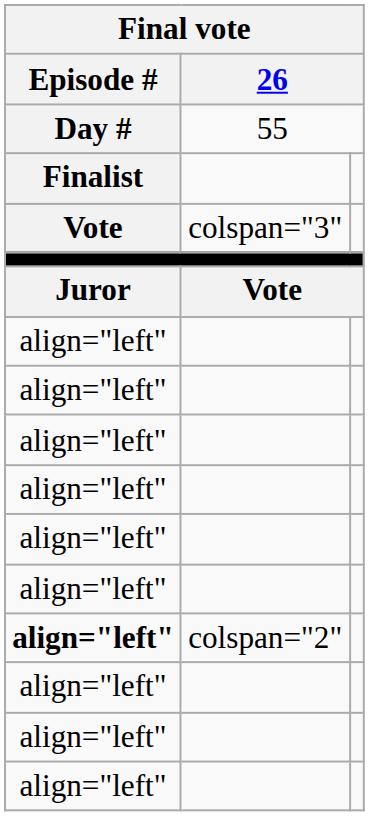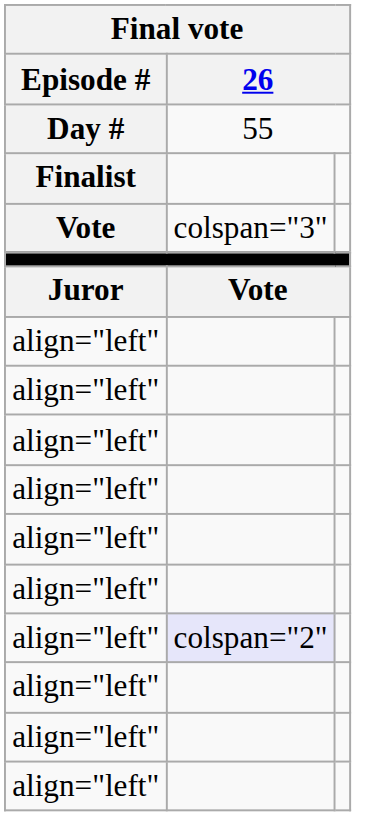 <table class="wikitable nowrap" style="text-align:center; font-size:100%">
 <tr>
 <th colspan="4">Final vote</th>
 </tr>
 <tr>
 <th>Episode #</th>
 <th colspan="2"><a href='#'>26</a></th>
 </tr>
 <tr>
 <th>Day #</th>
 <td colspan="2">55</td>
 </tr>
 <tr>
 <th>Finalist</th>
 <td></td>
 <td></td>
 </tr>
 <tr>
 <th>Vote</th>
 <td>colspan="3" </td>
 </tr>
 <tr>
 <td colspan="3" bgcolor="black"></td>
 </tr>
 <tr>
 <th>Juror</th>
 <th colspan="2">Vote</th>
 </tr>
 <tr>
 <td>align="left" </td>
 <td></td>
 <td></td>
 </tr>
 <tr>
 <td>align="left" </td>
 <td></td>
 <td></td>
 </tr>
 <tr>
 <td>align="left" </td>
 <td></td>
 <td></td>
 </tr>
 <tr>
 <td>align="left" </td>
 <td></td>
 <td></td>
 </tr>
 <tr>
 <td>align="left" </td>
 <td></td>
 <td></td>
 </tr>
 <tr>
 <td>align="left" </td>
 <td></td>
 <td></td>
 </tr>
 <tr>
-<td><strong>align="left" </strong></td>
-<td>colspan="2" </td>
+<td>align="left" </td>
+<td style="background: lavender;">colspan="2" </td>
 </tr>
 <tr>
 <td>align="left" </td>
 <td></td>
 <td></td>
 </tr>
 <tr>
 <td>align="left" </td>
 <td></td>
 <td></td>
 </tr>
 <tr>
 <td>align="left" </td>
 <td></td>
 <td></td>
 </tr>
 </table>
